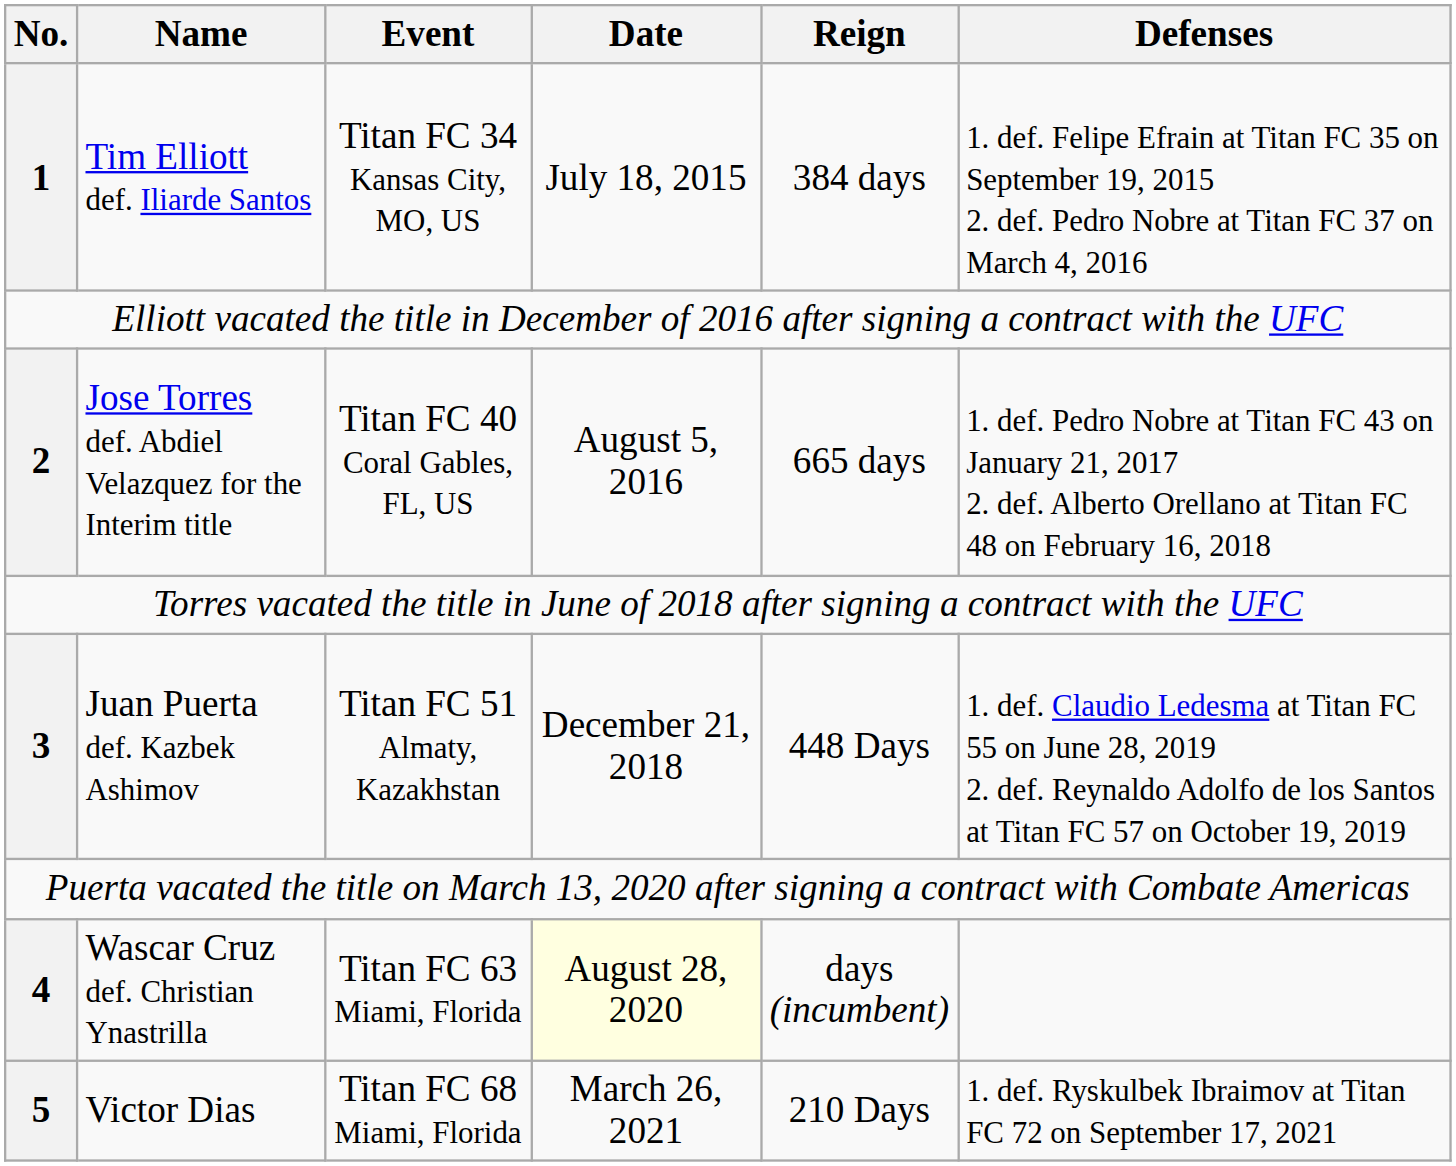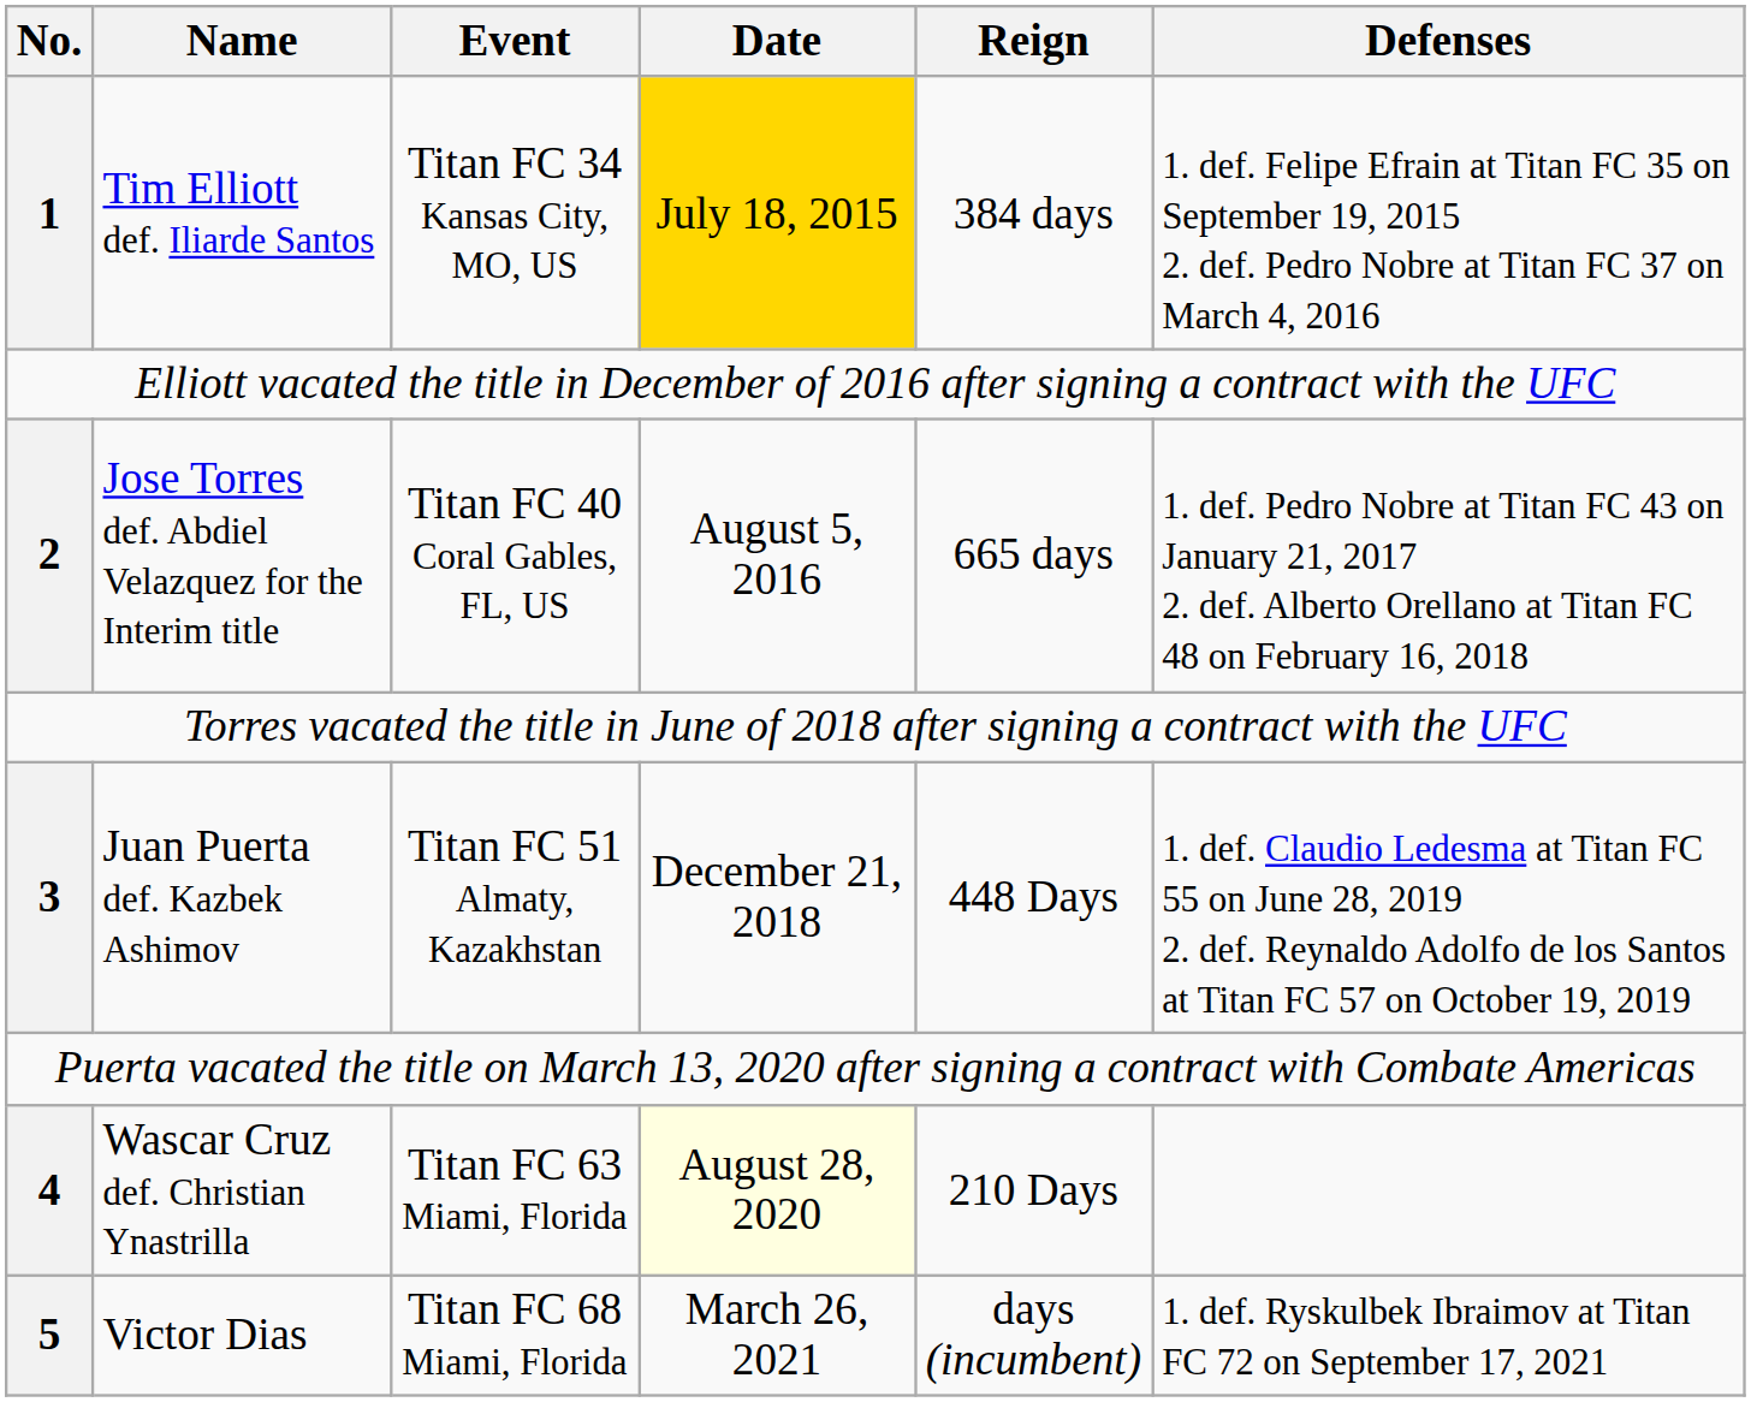 <table class="wikitable" width=100%>
 <tr>
 <th width=1%>No.</th>
 <th width=19%>Name</th>
 <th width=15%>Event</th>
 <th width=17%>Date</th>
 <th width=8%>Reign</th>
 <th width=40%>Defenses</th>
 </tr>
 <tr>
 <th>1</th>
 <td> <a href='#'>Tim Elliott</a><br><small>def. <a href='#'>Iliarde Santos</a></small></td>
 <td align=center>Titan FC 34 <br><small> Kansas City, MO, US </small></td>
-<td align=center>July 18, 2015</td>
+<td align=center style="background: gold;">July 18, 2015</td>
 <td align=center>384 days</td>
 <td><br><small> 1. def. Felipe Efrain at Titan FC 35 on September 19, 2015<br> 2. def. Pedro Nobre at Titan FC 37 on March 4, 2016</small></td>
 </tr>
 <tr>
 <td align="center" colspan="6"><em>Elliott vacated the title in December of 2016 after signing a contract with the <a href='#'>UFC</a></em> </td>
 </tr>
 <tr>
 <th>2</th>
 <td> <a href='#'>Jose Torres</a><br><small>def. Abdiel Velazquez for the Interim title</small></td>
 <td align=center>Titan FC 40 <br><small> Coral Gables, FL, US </small></td>
 <td align=center>August 5, 2016</td>
 <td align=center>665 days</td>
 <td><br><small> 1. def. Pedro Nobre at Titan FC 43 on January 21, 2017 <br> 2. def. Alberto Orellano at Titan FC 48 on February 16, 2018 <br></small></td>
 </tr>
 <tr>
 <td align="center" colspan="6"><em>Torres vacated the title in June of 2018 after signing a contract with the <a href='#'>UFC</a></em></td>
 </tr>
 <tr>
 <th>3</th>
 <td> Juan Puerta<br><small>def. Kazbek Ashimov</small></td>
 <td align=center>Titan FC 51 <br><small> Almaty, Kazakhstan </small></td>
 <td align=center>December 21, 2018</td>
 <td align=center>448 Days</td>
 <td><br><small> 1. def. <a href='#'>Claudio Ledesma</a> at Titan FC 55 on June 28, 2019</small><br> <small> 2. def. Reynaldo Adolfo de los Santos at Titan FC 57 on October 19, 2019</small><br></td>
 </tr>
 <tr>
 <td align="center" colspan="6"><em>Puerta vacated the title on March 13, 2020 after signing a contract with Combate Americas</em></td>
 </tr>
 <tr>
 <th>4</th>
 <td> Wascar Cruz<br><small>def. Christian Ynastrilla</small></td>
 <td align=center>Titan FC 63 <br><small> Miami, Florida </small></td>
 <td align=center style="background: lightyellow;">August 28, 2020</td>
-<td align=center> days<br><em>(incumbent)</em></td>
+<td align=center>210 Days</td>
 <td></td>
 </tr>
 <tr>
 <th>5</th>
 <td> Victor Dias</td>
 <td align=center>Titan FC 68 <br><small> Miami, Florida </small></td>
 <td align=center>March 26, 2021</td>
-<td align=center>210 Days</td>
+<td align=center> days<br><em>(incumbent)</em></td>
 <td><small> 1. def. Ryskulbek Ibraimov at Titan FC 72 on September 17, 2021</small><br></td>
 </tr>
 </table>
